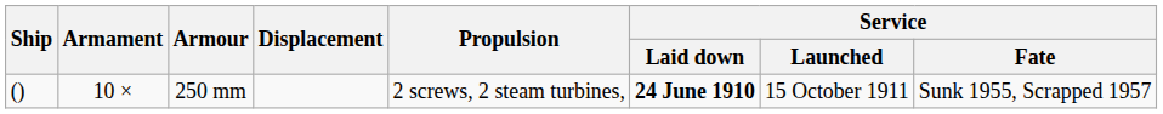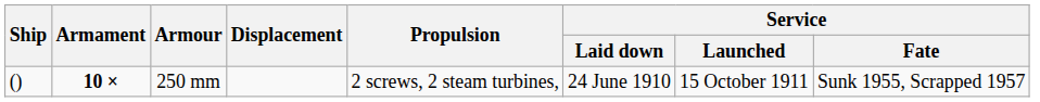 <table class="wikitable">
 <tr valign="center">
 <th align= center rowspan=2>Ship</th>
 <th align= center rowspan=2>Armament</th>
 <th align= center rowspan=2>Armour</th>
 <th align= center rowspan=2>Displacement</th>
 <th align= center rowspan=2>Propulsion</th>
 <th align= center colspan=3>Service</th>
 </tr>
 <tr valign="top">
 <th align= center>Laid down</th>
 <th align= center>Launched</th>
 <th align= center>Fate</th>
 </tr>
 <tr valign="center">
 <td align= left> ()</td>
-<td align= center>10 × </td>
+<td align= center><strong>10 × </strong></td>
 <td align= center>250 mm</td>
 <td align= center></td>
 <td align= center>2 screws, 2 steam turbines, </td>
-<td align= center><strong>24 June 1910</strong></td>
+<td align= center>24 June 1910</td>
 <td align= center>15 October 1911</td>
 <td align= center>Sunk 1955, Scrapped 1957</td>
 </tr>
 </table>
